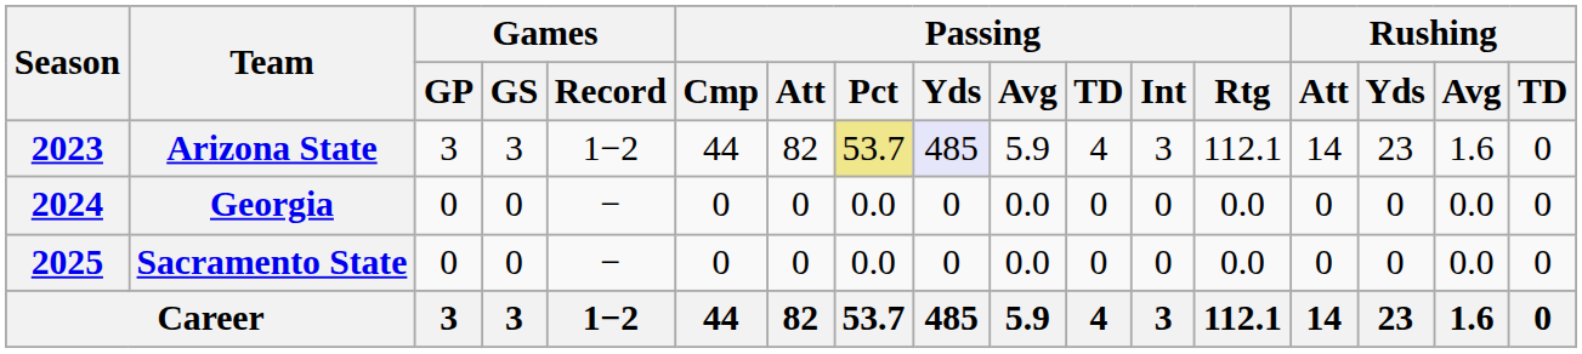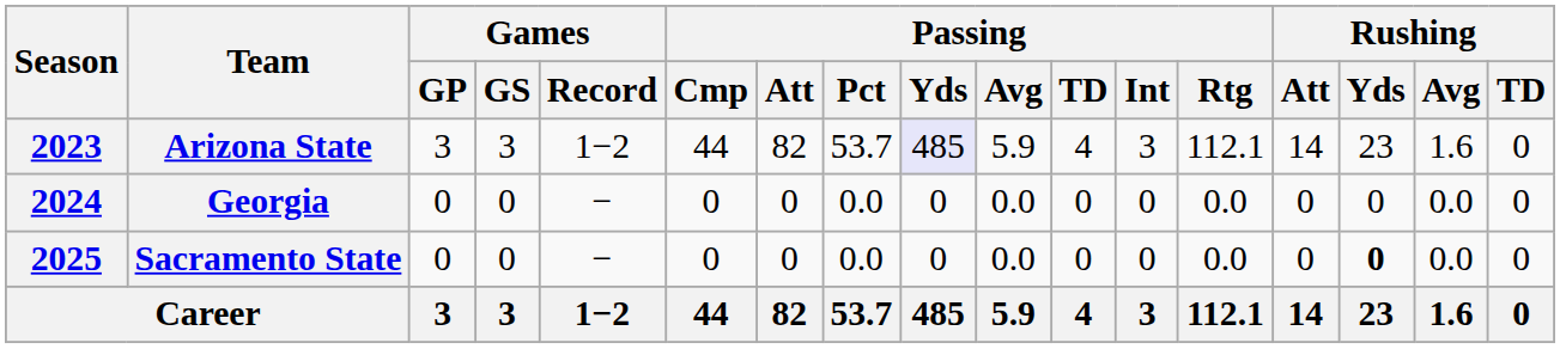 <table class="wikitable" style="text-align:center;">
 <tr>
 <th rowspan="2">Season</th>
 <th rowspan="2">Team</th>
 <th colspan="3">Games</th>
 <th colspan="8">Passing</th>
 <th colspan="5">Rushing</th>
 </tr>
 <tr>
 <th>GP</th>
 <th>GS</th>
 <th>Record</th>
 <th>Cmp</th>
 <th>Att</th>
 <th>Pct</th>
 <th>Yds</th>
 <th>Avg</th>
 <th>TD</th>
 <th>Int</th>
 <th>Rtg</th>
 <th>Att</th>
 <th>Yds</th>
 <th>Avg</th>
 <th>TD</th>
 </tr>
 <tr>
 <th><a href='#'>2023</a></th>
 <th><a href='#'>Arizona State</a></th>
 <td>3</td>
 <td>3</td>
 <td>1−2</td>
 <td>44</td>
 <td>82</td>
-<td style="background: khaki;">53.7</td>
+<td>53.7</td>
 <td style="background: lavender;">485</td>
 <td>5.9</td>
 <td>4</td>
 <td>3</td>
 <td>112.1</td>
 <td>14</td>
 <td>23</td>
 <td>1.6</td>
 <td>0</td>
 </tr>
 <tr>
 <th><a href='#'>2024</a></th>
 <th><a href='#'>Georgia</a></th>
 <td>0</td>
 <td>0</td>
 <td>−</td>
 <td>0</td>
 <td>0</td>
 <td>0.0</td>
 <td>0</td>
 <td>0.0</td>
 <td>0</td>
 <td>0</td>
 <td>0.0</td>
 <td>0</td>
 <td>0</td>
 <td>0.0</td>
 <td>0</td>
 </tr>
 <tr>
 <th><a href='#'>2025</a></th>
 <th><a href='#'>Sacramento State</a></th>
 <td>0</td>
 <td>0</td>
 <td>−</td>
 <td>0</td>
 <td>0</td>
 <td>0.0</td>
 <td>0</td>
 <td>0.0</td>
 <td>0</td>
 <td>0</td>
 <td>0.0</td>
 <td>0</td>
-<td>0</td>
+<td><strong>0</strong></td>
 <td>0.0</td>
 <td>0</td>
 </tr>
 <tr>
 <th colspan="2">Career</th>
 <th>3</th>
 <th>3</th>
 <th>1−2</th>
 <th>44</th>
 <th>82</th>
 <th>53.7</th>
 <th>485</th>
 <th>5.9</th>
 <th>4</th>
 <th>3</th>
 <th>112.1</th>
 <th>14</th>
 <th>23</th>
 <th>1.6</th>
 <th>0</th>
 </tr>
 </table>
